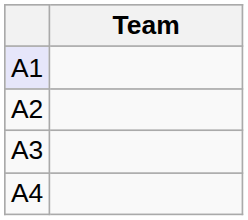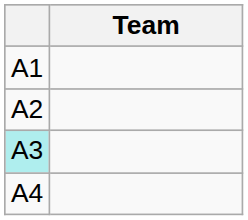 <table class="wikitable">
 <tr>
 <th></th>
 <th width=110>Team</th>
 </tr>
 <tr>
-<td align=center style="background: lavender;">A1</td>
+<td align=center>A1</td>
 <td></td>
 </tr>
 <tr>
 <td align=center>A2</td>
 <td></td>
 </tr>
 <tr>
-<td align=center>A3</td>
+<td align=center style="background: paleturquoise;">A3</td>
 <td></td>
 </tr>
 <tr>
 <td align=center>A4</td>
 <td></td>
 </tr>
 </table>
